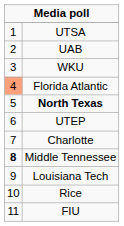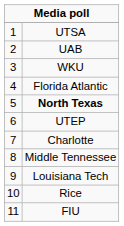 <table class="wikitable" style="display: inline-table;">
 <tr>
 <td align="center" Colspan="3"><strong>Media poll</strong></td>
 </tr>
 <tr align="center">
 </tr>
 <tr align="center">
 <td>1</td>
 <td>UTSA</td>
 </tr>
 <tr align="center">
 <td>2</td>
 <td>UAB</td>
 </tr>
 <tr align="center">
 <td>3</td>
 <td>WKU</td>
 </tr>
 <tr align="center">
-<td style="background: lightsalmon;">4</td>
+<td>4</td>
 <td>Florida Atlantic</td>
 </tr>
 <tr align="center">
 <td>5</td>
 <td><strong>North Texas</strong></td>
 </tr>
 <tr align="center">
 <td>6</td>
 <td>UTEP</td>
 </tr>
 <tr align="center">
 <td>7</td>
 <td>Charlotte</td>
 </tr>
 <tr align="center">
-<td><strong>8</strong></td>
+<td>8</td>
 <td>Middle Tennessee</td>
 </tr>
 <tr align="center">
 <td>9</td>
 <td>Louisiana Tech</td>
 </tr>
 <tr align="center">
 <td>10</td>
 <td>Rice</td>
 </tr>
 <tr align="center">
 <td>11</td>
 <td>FIU</td>
 </tr>
 </table>
